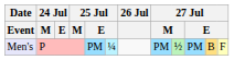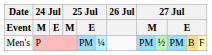 <table class="wikitable olympic-schedule Rugby Sevens">
 <tr>
 <th>Date</th>
 <th colspan="2">24 Jul</th>
 <th colspan="3">25 Jul</th>
 <th>26 Jul</th>
 <th colspan="5">27 Jul</th>
 </tr>
 <tr>
 <th>Event</th>
 <th>M</th>
 <th>E</th>
 <th>M</th>
 <th colspan="2">E</th>
 <th></th>
 <th colspan="2">M</th>
 <th colspan="3">E</th>
 </tr>
 <tr>
-<td class="event" style="background: lavender;">Men's</td>
+<td class="event">Men's</td>
 <td colspan="3" bgcolor="#FFBBBB" class="pool stage">P</td>
 <td bgcolor="#97DEFF" class="placingmatches">PM</td>
 <td bgcolor="#BBF3FF" class="quarterfinals">¼</td>
 <td></td>
 <td bgcolor="#97DEFF" class="placingmatches">PM</td>
 <td bgcolor="#BBF3BB" class="semifinal">½</td>
 <td bgcolor="#97DEFF" class="placingmatches">PM</td>
 <td style="background-color:#FFDF80;">B</td>
 <td style="background-color:#FFFFBB;">F</td>
 </tr>
 </table>
